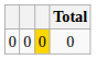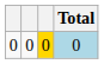 <table class="wikitable">
 <tr>
 <th></th>
 <th></th>
 <th></th>
 <th>Total</th>
 </tr>
 <tr style="text-align:center;">
 <td>0</td>
 <td>0</td>
 <td style="background: gold;">0</td>
-<td>0</td>
+<td style="background: lightblue;">0</td>
 </tr>
 </table>
